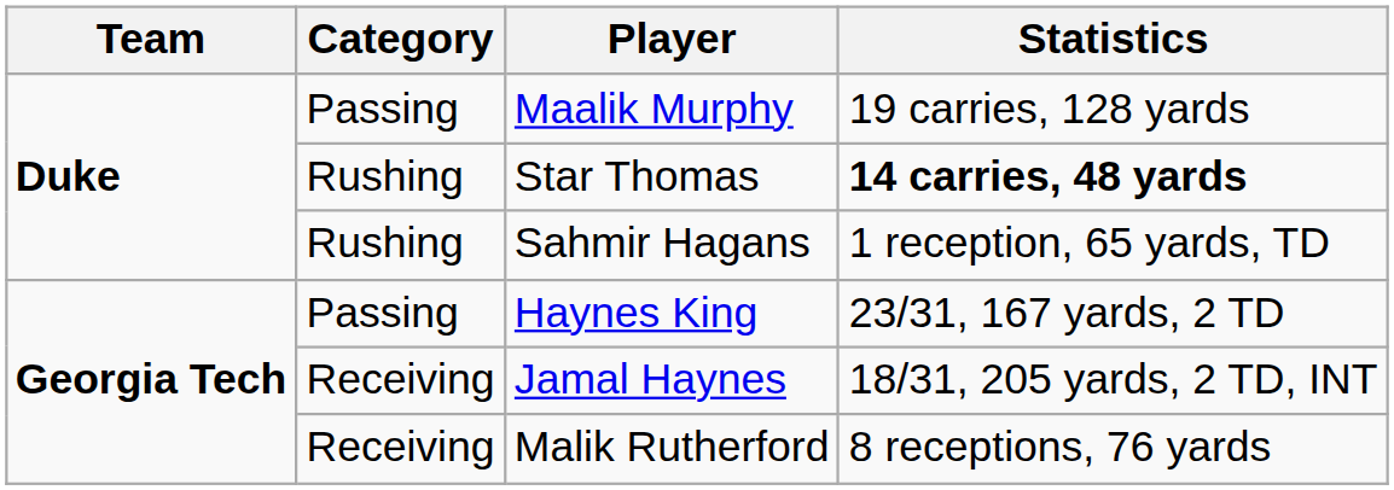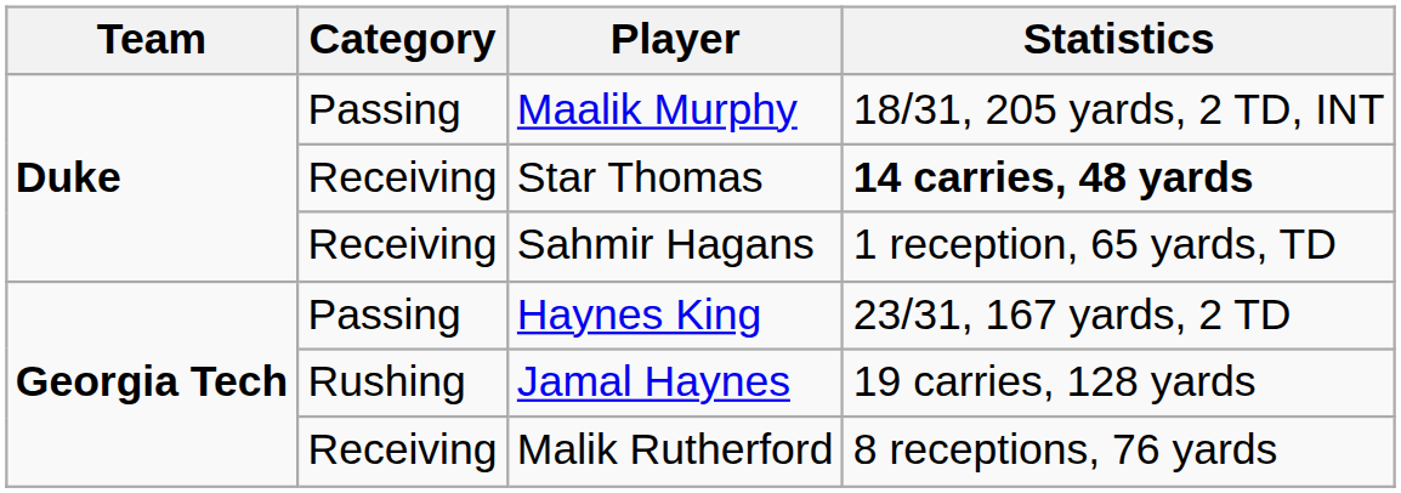 <table class="wikitable" style="float: right;">
 <tr>
 <th>Team</th>
 <th>Category</th>
 <th>Player</th>
 <th>Statistics</th>
 </tr>
 <tr>
 <td rowspan=3><strong>Duke</strong></td>
 <td>Passing</td>
 <td><a href='#'>Maalik Murphy</a></td>
-<td>19 carries, 128 yards</td>
+<td>18/31, 205 yards, 2 TD, INT</td>
 </tr>
 <tr>
-<td>Rushing</td>
+<td>Receiving</td>
 <td>Star Thomas</td>
 <td><strong>14 carries, 48 yards</strong></td>
 </tr>
 <tr>
-<td>Rushing</td>
+<td>Receiving</td>
 <td>Sahmir Hagans</td>
 <td>1 reception, 65 yards, TD</td>
 </tr>
 <tr>
 <td rowspan=3><strong>Georgia Tech</strong></td>
 <td>Passing</td>
 <td><a href='#'>Haynes King</a></td>
 <td>23/31, 167 yards, 2 TD</td>
 </tr>
 <tr>
-<td>Receiving</td>
+<td>Rushing</td>
 <td><a href='#'>Jamal Haynes</a></td>
-<td>18/31, 205 yards, 2 TD, INT</td>
+<td>19 carries, 128 yards</td>
 </tr>
 <tr>
 <td>Receiving</td>
 <td>Malik Rutherford</td>
 <td>8 receptions, 76 yards</td>
 </tr>
 </table>
